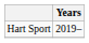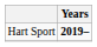 <table class="wikitable collapsible">
 <tr>
 <th></th>
 <th>Years</th>
 </tr>
 <tr>
 <td>Hart Sport</td>
-<td>2019–</td>
+<td><strong>2019–</strong></td>
 </tr>
 <tr>
 </tr>
 </table>
